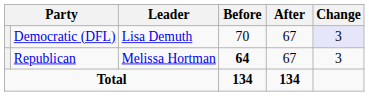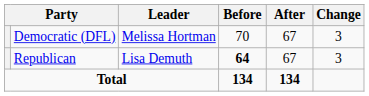 <table class="wikitable" style="text-align:center;">
 <tr>
 <th colspan="2">Party</th>
 <th>Leader</th>
 <th style="width:3em">Before</th>
 <th style="width:3em">After</th>
 <th style="width:3em">Change</th>
 </tr>
 <tr>
 <th style="background-color:"></th>
 <td style="text-align:left;"><a href='#'>Democratic (DFL)</a></td>
-<td style="text-align:left;"><a href='#'>Lisa Demuth</a></td>
+<td style="text-align:left;"><a href='#'>Melissa Hortman</a></td>
 <td>70</td>
 <td>67</td>
-<td style="background: lavender;"> 3</td>
+<td> 3</td>
 </tr>
 <tr>
 <th style="background-color:"></th>
 <td style="text-align:left;"><a href='#'>Republican</a></td>
-<td style="text-align:left;"><a href='#'>Melissa Hortman</a></td>
+<td style="text-align:left;"><a href='#'>Lisa Demuth</a></td>
 <td><strong>64</strong></td>
 <td>67</td>
 <td> 3</td>
 </tr>
 <tr>
 <td colspan="3"><strong>Total</strong></td>
 <td><strong>134</strong></td>
 <td><strong>134</strong></td>
 <td></td>
 </tr>
 </table>
